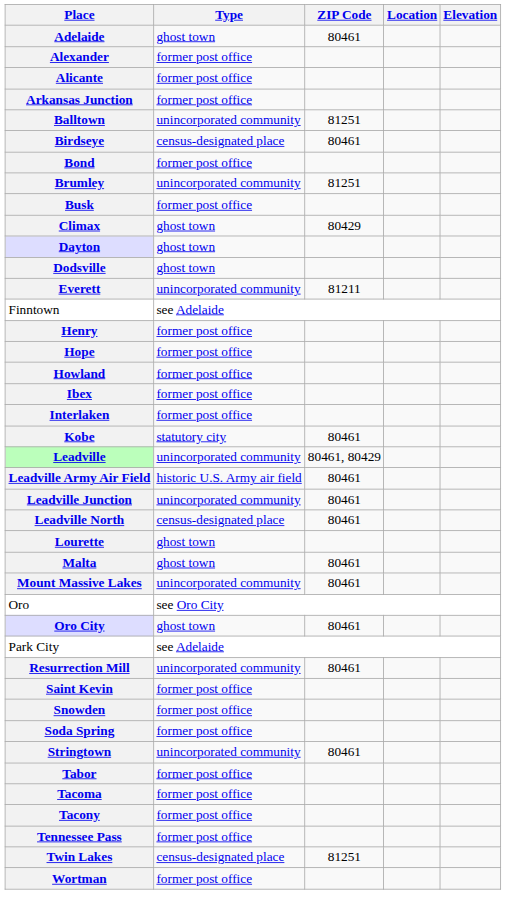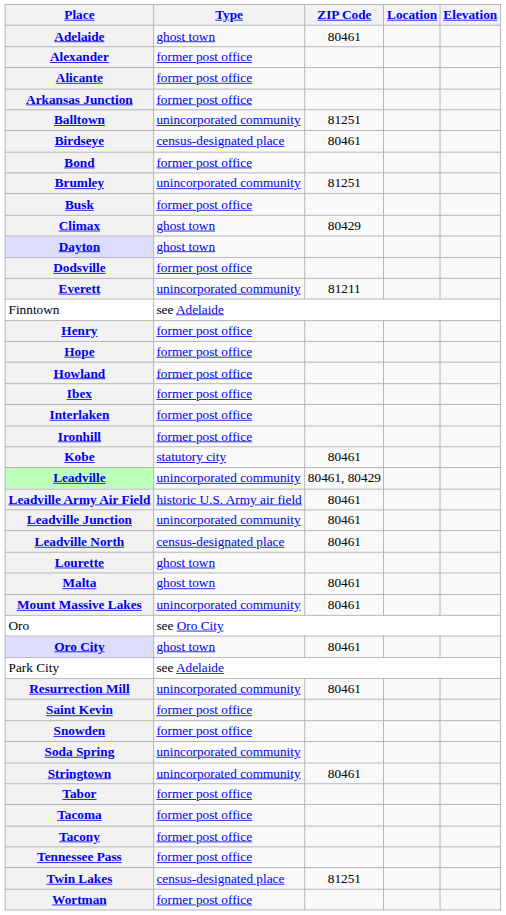 <table class="wikitable sortable  plainrowheaders" style="margin:auto;">
 <tr>
 <th scope=col><a href='#'>Place</a></th>
 <th scope=col><a href='#'>Type</a></th>
 <th scope=col><a href='#'>ZIP Code</a></th>
 <th scope=col><a href='#'>Location</a></th>
 <th scope=col><a href='#'>Elevation</a></th>
 </tr>
 <tr>
 <th scope=row><a href='#'>Adelaide</a></th>
 <td><a href='#'>ghost town</a></td>
 <td align=center>80461</td>
 <td></td>
 <td align=right></td>
 </tr>
 <tr>
 <th scope=row><a href='#'>Alexander</a></th>
 <td><a href='#'>former post office</a></td>
 <td align=center></td>
 <td></td>
 <td></td>
 </tr>
 <tr>
 <th scope=row><a href='#'>Alicante</a></th>
 <td><a href='#'>former post office</a></td>
 <td align=center></td>
 <td></td>
 <td></td>
 </tr>
 <tr>
 <th scope=row><a href='#'>Arkansas Junction</a></th>
 <td><a href='#'>former post office</a></td>
 <td align=center></td>
 <td></td>
 <td></td>
 </tr>
 <tr>
 <th scope=row><a href='#'>Balltown</a></th>
 <td><a href='#'>unincorporated community</a></td>
 <td align=center>81251</td>
 <td></td>
 <td align=right></td>
 </tr>
 <tr>
 <th scope=row><a href='#'>Birdseye</a></th>
 <td><a href='#'>census-designated place</a></td>
 <td align=center>80461</td>
 <td></td>
 <td align=right></td>
 </tr>
 <tr>
 <th scope=row><a href='#'>Bond</a></th>
 <td><a href='#'>former post office</a></td>
 <td align=center></td>
 <td></td>
 <td></td>
 </tr>
 <tr>
 <th scope=row><a href='#'>Brumley</a></th>
 <td><a href='#'>unincorporated community</a></td>
 <td align=center>81251</td>
 <td></td>
 <td align=right></td>
 </tr>
 <tr>
 <th scope=row><a href='#'>Busk</a></th>
 <td><a href='#'>former post office</a></td>
 <td align=center></td>
 <td></td>
 <td></td>
 </tr>
 <tr>
 <th scope=row><a href='#'>Climax</a></th>
 <td><a href='#'>ghost town</a></td>
 <td align=center>80429</td>
 <td></td>
 <td align=right></td>
 </tr>
 <tr>
 <th scope=row style="background:#DDDDFF;"><a href='#'>Dayton</a></th>
 <td><a href='#'>ghost town</a></td>
 <td align=center></td>
 <td></td>
 <td></td>
 </tr>
 <tr>
 <th scope=row><a href='#'>Dodsville</a></th>
-<td><a href='#'>ghost town</a></td>
+<td><a href='#'>former post office</a></td>
 <td align=center></td>
 <td></td>
 <td></td>
 </tr>
 <tr>
 <th scope=row><a href='#'>Everett</a></th>
 <td><a href='#'>unincorporated community</a></td>
 <td align=center>81211</td>
 <td></td>
 <td align=right></td>
 </tr>
 <tr bgcolor=white>
 <td>Finntown</td>
 <td colspan=4>see <a href='#'>Adelaide</a></td>
 </tr>
 <tr>
 <th scope=row><a href='#'>Henry</a></th>
 <td><a href='#'>former post office</a></td>
 <td align=center></td>
 <td></td>
 <td></td>
 </tr>
 <tr>
 <th scope=row><a href='#'>Hope</a></th>
 <td><a href='#'>former post office</a></td>
 <td align=center></td>
 <td></td>
 <td></td>
 </tr>
 <tr>
 <th scope=row><a href='#'>Howland</a></th>
 <td><a href='#'>former post office</a></td>
 <td align=center></td>
 <td></td>
 <td></td>
 </tr>
 <tr>
 <th scope=row><a href='#'>Ibex</a></th>
 <td><a href='#'>former post office</a></td>
 <td align=center></td>
 <td></td>
 <td></td>
 </tr>
 <tr>
 <th scope=row><a href='#'>Interlaken</a></th>
+<td><a href='#'>former post office</a></td>
+<td align=center></td>
+<td></td>
+<td></td>
+</tr>
+<tr>
+<th scope=row><a href='#'>Ironhill</a></th>
 <td><a href='#'>former post office</a></td>
 <td align=center></td>
 <td></td>
 <td></td>
 </tr>
 <tr>
 <th scope=row><a href='#'>Kobe</a></th>
 <td><a href='#'>statutory city</a></td>
 <td align=center>80461</td>
 <td></td>
 <td align=right></td>
 </tr>
 <tr>
 <th scope=row style="background:#BBFFBB;"><a href='#'>Leadville</a></th>
 <td><a href='#'>unincorporated community</a></td>
 <td align=center>80461, 80429</td>
 <td></td>
 <td align=right></td>
 </tr>
 <tr>
 <th scope=row><a href='#'>Leadville Army Air Field</a></th>
 <td><a href='#'>historic U.S. Army air field</a></td>
 <td align=center>80461</td>
 <td></td>
 <td align=right></td>
 </tr>
 <tr>
 <th scope=row><a href='#'>Leadville Junction</a></th>
 <td><a href='#'>unincorporated community</a></td>
 <td align=center>80461</td>
 <td></td>
 <td align=right></td>
 </tr>
 <tr>
 <th scope=row><a href='#'>Leadville North</a></th>
 <td><a href='#'>census-designated place</a></td>
 <td align=center>80461</td>
 <td></td>
 <td align=right></td>
 </tr>
 <tr>
 <th scope=row><a href='#'>Lourette</a></th>
 <td><a href='#'>ghost town</a></td>
 <td align=center></td>
 <td></td>
 <td></td>
 </tr>
 <tr>
 <th scope=row><a href='#'>Malta</a></th>
 <td><a href='#'>ghost town</a></td>
 <td align=center>80461</td>
 <td></td>
 <td align=right></td>
 </tr>
 <tr>
 <th scope=row><a href='#'>Mount Massive Lakes</a></th>
 <td><a href='#'>unincorporated community</a></td>
 <td align=center>80461</td>
 <td></td>
 <td align=right></td>
 </tr>
 <tr bgcolor=white>
 <td>Oro</td>
 <td colspan=4>see <a href='#'>Oro City</a></td>
 </tr>
 <tr>
 <th scope=row style="background:#DDDDFF;"><a href='#'>Oro City</a></th>
 <td><a href='#'>ghost town</a></td>
 <td align=center>80461</td>
 <td></td>
 <td align=right></td>
 </tr>
 <tr bgcolor=white>
 <td>Park City</td>
 <td colspan=4>see <a href='#'>Adelaide</a></td>
 </tr>
 <tr>
 <th scope=row><a href='#'>Resurrection Mill</a></th>
 <td><a href='#'>unincorporated community</a></td>
 <td align=center>80461</td>
 <td></td>
 <td align=right></td>
 </tr>
 <tr>
 <th scope=row><a href='#'>Saint Kevin</a></th>
 <td><a href='#'>former post office</a></td>
 <td align=center></td>
 <td></td>
 <td></td>
 </tr>
 <tr>
 <th scope=row><a href='#'>Snowden</a></th>
 <td><a href='#'>former post office</a></td>
 <td align=center></td>
 <td></td>
 <td></td>
 </tr>
 <tr>
 <th scope=row><a href='#'>Soda Spring</a></th>
-<td><a href='#'>former post office</a></td>
+<td><a href='#'>unincorporated community</a></td>
 <td align=center></td>
 <td></td>
 <td></td>
 </tr>
 <tr>
 <th scope=row><a href='#'>Stringtown</a></th>
 <td><a href='#'>unincorporated community</a></td>
 <td align=center>80461</td>
 <td></td>
 <td align=right></td>
 </tr>
 <tr>
 <th scope=row><a href='#'>Tabor</a></th>
 <td><a href='#'>former post office</a></td>
 <td align=center></td>
 <td></td>
 <td></td>
 </tr>
 <tr>
 <th scope=row><a href='#'>Tacoma</a></th>
 <td><a href='#'>former post office</a></td>
 <td align=center></td>
 <td></td>
 <td></td>
 </tr>
 <tr>
 <th scope=row><a href='#'>Tacony</a></th>
 <td><a href='#'>former post office</a></td>
 <td align=center></td>
 <td></td>
 <td></td>
 </tr>
 <tr>
 <th scope=row><a href='#'>Tennessee Pass</a></th>
 <td><a href='#'>former post office</a></td>
 <td align=center></td>
 <td></td>
 <td></td>
 </tr>
 <tr>
 <th scope=row><a href='#'>Twin Lakes</a></th>
 <td><a href='#'>census-designated place</a></td>
 <td align=center>81251</td>
 <td></td>
 <td align=right></td>
 </tr>
 <tr>
 <th scope=row><a href='#'>Wortman</a></th>
 <td><a href='#'>former post office</a></td>
 <td align=center></td>
 <td></td>
 <td></td>
 </tr>
 </table>
